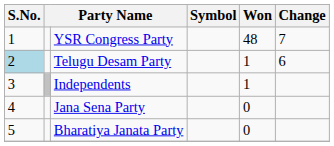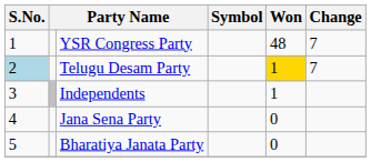 <table CLASS="sortable wikitable">
 <tr>
 <th>S.No.</th>
 <th colspan=2>Party Name</th>
 <th>Symbol</th>
 <th>Won</th>
 <th>Change</th>
 </tr>
 <tr>
 <td>1</td>
 <td></td>
 <td><a href='#'>YSR Congress Party</a></td>
 <td></td>
 <td>48</td>
 <td>7</td>
 </tr>
 <tr>
 <td style="background: lightblue;">2</td>
 <td></td>
 <td><a href='#'>Telugu Desam Party</a></td>
 <td></td>
-<td>1</td>
-<td>6</td>
+<td style="background: gold;">1</td>
+<td>7</td>
 </tr>
 <tr>
 <td>3</td>
 <td bgcolor=#C1C1C1></td>
 <td><a href='#'>Independents</a></td>
 <td></td>
 <td>1</td>
 <td></td>
 </tr>
 <tr>
 <td>4</td>
 <td></td>
 <td><a href='#'>Jana Sena Party</a></td>
 <td></td>
 <td>0</td>
 <td></td>
 </tr>
 <tr>
 <td>5</td>
 <td></td>
 <td><a href='#'>Bharatiya Janata Party</a></td>
 <td></td>
 <td>0</td>
 <td></td>
 </tr>
 <tr>
 </tr>
 </table>
